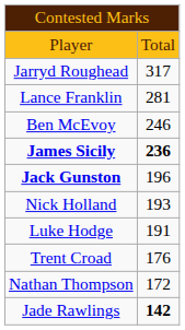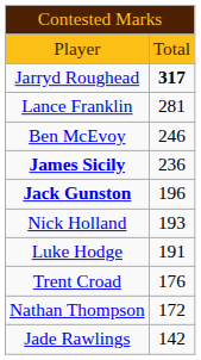 <table class="wikitable" style="text-align:center;">
 <tr>
 <td colspan="2" style="text-align:center; background: #4D2004; color: #FBBF15">Contested Marks</td>
 </tr>
 <tr>
 <td style="text-align:center; background: #FBBF15; color: #4D2004">Player</td>
 <td style="text-align:center; background: #FBBF15; color: #4D2004">Total</td>
 </tr>
 <tr>
 <td><a href='#'>Jarryd Roughead</a></td>
-<td>317</td>
+<td><strong>317</strong></td>
 </tr>
 <tr>
 <td><a href='#'>Lance Franklin</a></td>
 <td>281</td>
 </tr>
 <tr>
 <td><a href='#'>Ben McEvoy</a></td>
 <td>246</td>
 </tr>
 <tr>
 <td><strong><a href='#'>James Sicily</a></strong></td>
-<td><strong>236</strong></td>
+<td>236</td>
 </tr>
 <tr>
 <td><strong><a href='#'>Jack Gunston</a></strong></td>
 <td>196</td>
 </tr>
 <tr>
 <td><a href='#'>Nick Holland</a></td>
 <td>193</td>
 </tr>
 <tr>
 <td><a href='#'>Luke Hodge</a></td>
 <td>191</td>
 </tr>
 <tr>
 <td><a href='#'>Trent Croad</a></td>
 <td>176</td>
 </tr>
 <tr>
 <td><a href='#'>Nathan Thompson</a></td>
 <td>172</td>
 </tr>
 <tr>
 <td><a href='#'>Jade Rawlings</a></td>
-<td><strong>142</strong></td>
+<td>142</td>
 </tr>
 </table>
